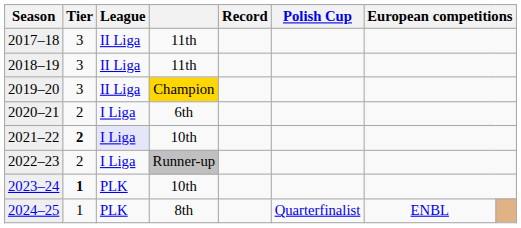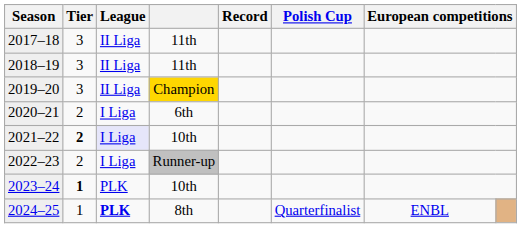 <table class="wikitable" style="font-size:85%;">
 <tr>
 <th>Season</th>
 <th>Tier</th>
 <th>League</th>
 <th></th>
 <th>Record</th>
 <th><a href='#'>Polish Cup</a></th>
 <th colspan=2>European competitions</th>
 </tr>
 <tr>
 <td bgcolor=#efefef>2017–18</td>
 <td align=center>3</td>
 <td><a href='#'>II Liga</a></td>
 <td align=center>11th</td>
 <td></td>
 <td></td>
 <td colspan=2></td>
 </tr>
 <tr>
 <td bgcolor=#efefef>2018–19</td>
 <td align=center>3</td>
 <td><a href='#'>II Liga</a></td>
 <td align=center>11th</td>
 <td></td>
 <td></td>
 <td colspan=2></td>
 </tr>
 <tr>
 <td bgcolor=#efefef>2019–20</td>
 <td align=center>3</td>
 <td><a href='#'>II Liga</a></td>
 <td bgcolor=gold style="text-align:center;">Champion</td>
 <td></td>
 <td></td>
 <td colspan=2></td>
 </tr>
 <tr>
 <td bgcolor=#efefef>2020–21</td>
 <td align=center>2</td>
 <td><a href='#'>I Liga</a></td>
 <td align=center>6th</td>
 <td></td>
 <td></td>
 <td colspan=2></td>
 </tr>
 <tr>
 <td bgcolor=#efefef>2021–22</td>
 <td align=center><strong>2</strong></td>
 <td style="background: lavender;"><a href='#'>I Liga</a></td>
 <td align=center>10th</td>
 <td></td>
 <td></td>
 <td colspan=2></td>
 </tr>
 <tr>
 <td bgcolor=#efefef>2022–23</td>
 <td align=center>2</td>
 <td><a href='#'>I Liga</a></td>
 <td bgcolor=silver style="text-align:center;">Runner-up</td>
 <td></td>
 <td></td>
 <td colspan=2></td>
 </tr>
 <tr>
 <td bgcolor=#efefef><a href='#'>2023–24</a></td>
 <td align=center><strong>1</strong></td>
 <td><a href='#'>PLK</a></td>
 <td align=center>10th</td>
 <td></td>
 <td></td>
 <td colspan=2></td>
 </tr>
 <tr>
 <td bgcolor=#efefef><a href='#'>2024–25</a></td>
 <td align=center>1</td>
-<td><a href='#'>PLK</a></td>
+<td><strong><a href='#'>PLK</a></strong></td>
 <td align=center>8th</td>
 <td></td>
 <td><a href='#'>Quarterfinalist</a></td>
 <td style="text-align:center;"><small><strong></strong></small> <a href='#'>ENBL</a></td>
 <td align=center bgcolor=#e1b384></td>
 </tr>
 </table>
